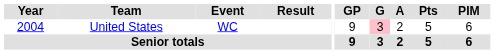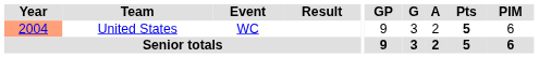 <table border="0" cellpadding="1" cellspacing="0" ID="Table3" style="text-align:center; width:40em">
 <tr ALIGN="center" bgcolor="#e0e0e0">
 <th>Year</th>
 <th>Team</th>
 <th>Event</th>
 <th>Result</th>
 <th rowspan="99" bgcolor="#ffffff"></th>
 <th>GP</th>
 <th>G</th>
 <th>A</th>
 <th>Pts</th>
 <th>PIM</th>
 </tr>
 <tr>
-<td><a href='#'>2004</a></td>
+<td style="background: lightsalmon;"><a href='#'>2004</a></td>
 <td><a href='#'>United States</a></td>
 <td><a href='#'>WC</a></td>
 <td></td>
 <td>9</td>
-<td style="background: pink;">3</td>
+<td>3</td>
 <td>2</td>
-<td>5</td>
+<td><strong>5</strong></td>
 <td>6</td>
 </tr>
 <tr bgcolor="#e0e0e0">
 <th colspan=4>Senior totals</th>
 <th>9</th>
 <th>3</th>
 <th>2</th>
 <th>5</th>
 <th>6</th>
 </tr>
 </table>
